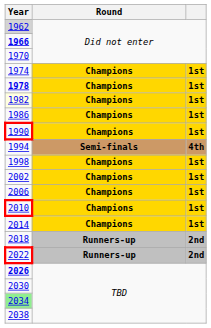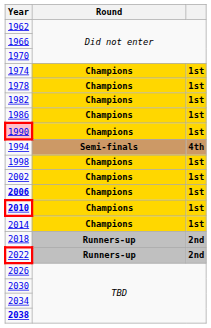 <table class="wikitable" style="text-align: center; font-size:90%">
 <tr>
 <th>Year</th>
 <th style="width:200px">Round</th>
 <th></th>
 </tr>
 <tr>
-<td style="background: lightgrey;"><a href='#'>1962</a></td>
+<td><a href='#'>1962</a></td>
 <td colspan="2" rowspan="3"><em>Did not enter</em></td>
 </tr>
 <tr>
-<td><strong><a href='#'>1966</a></strong></td>
+<td><a href='#'>1966</a></td>
 </tr>
 <tr>
 <td><a href='#'>1970</a></td>
 </tr>
 <tr>
 <td><a href='#'>1974</a></td>
 <td bgcolor=Gold><strong>Champions</strong></td>
 <td bgcolor=Gold><strong>1st</strong></td>
 </tr>
 <tr>
-<td><strong><a href='#'>1978</a></strong></td>
+<td><a href='#'>1978</a></td>
 <td bgcolor=Gold><strong>Champions</strong></td>
 <td bgcolor=Gold><strong>1st</strong></td>
 </tr>
 <tr>
-<td style="background: lightyellow;"><a href='#'>1982</a></td>
+<td><a href='#'>1982</a></td>
 <td bgcolor=Gold><strong>Champions</strong></td>
 <td bgcolor=Gold><strong>1st</strong></td>
 </tr>
 <tr>
 <td><a href='#'>1986</a></td>
 <td bgcolor=Gold><strong>Champions</strong></td>
 <td bgcolor=Gold><strong>1st</strong></td>
 </tr>
 <tr>
-<td style="border: 3px solid red"><a href='#'>1990</a></td>
+<td style="background: pink; border: 3px solid red"><a href='#'>1990</a></td>
 <td bgcolor=Gold><strong>Champions</strong></td>
 <td bgcolor=Gold><strong>1st</strong></td>
 </tr>
 <tr>
 <td><a href='#'>1994</a></td>
 <td bgcolor="cc9966"><strong>Semi-finals</strong></td>
 <td bgcolor="cc9966"><strong>4th</strong></td>
 </tr>
 <tr>
 <td><a href='#'>1998</a></td>
 <td bgcolor=Gold><strong>Champions</strong></td>
 <td bgcolor=Gold><strong>1st</strong></td>
 </tr>
 <tr>
 <td><a href='#'>2002</a></td>
 <td bgcolor=Gold><strong>Champions</strong></td>
 <td bgcolor=Gold><strong>1st</strong></td>
 </tr>
 <tr>
-<td><a href='#'>2006</a></td>
+<td><strong><a href='#'>2006</a></strong></td>
 <td bgcolor=Gold><strong>Champions</strong></td>
 <td bgcolor=Gold><strong>1st</strong></td>
 </tr>
 <tr>
-<td style="border: 3px solid red"><a href='#'>2010</a></td>
+<td style="border: 3px solid red"><strong><a href='#'>2010</a></strong></td>
 <td bgcolor=Gold><strong>Champions</strong></td>
 <td bgcolor=Gold><strong>1st</strong></td>
 </tr>
 <tr>
 <td><a href='#'>2014</a></td>
 <td bgcolor=Gold><strong>Champions</strong></td>
 <td bgcolor=Gold><strong>1st</strong></td>
 </tr>
 <tr>
 <td><a href='#'>2018</a></td>
 <td bgcolor=Silver><strong>Runners-up</strong></td>
 <td bgcolor=Silver><strong>2nd</strong></td>
 </tr>
 <tr>
 <td style="border: 3px solid red"><a href='#'>2022</a></td>
 <td bgcolor=Silver><strong>Runners-up</strong></td>
 <td bgcolor=Silver><strong>2nd</strong></td>
 </tr>
 <tr>
-<td><strong><a href='#'>2026</a></strong></td>
+<td><a href='#'>2026</a></td>
 <td colspan="2" rowspan="4"><em>TBD</em></td>
 </tr>
 <tr>
 <td><a href='#'>2030</a></td>
 </tr>
 <tr>
-<td style="background: lightgreen;"><a href='#'>2034</a></td>
+<td><a href='#'>2034</a></td>
 </tr>
 <tr>
-<td><a href='#'>2038</a></td>
+<td><strong><a href='#'>2038</a></strong></td>
 </tr>
 </table>
